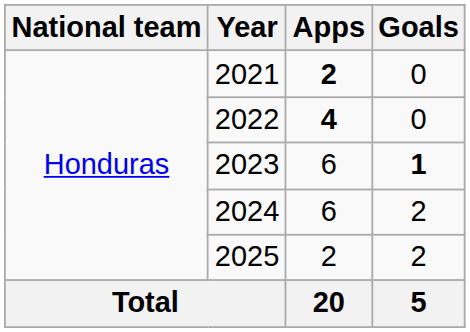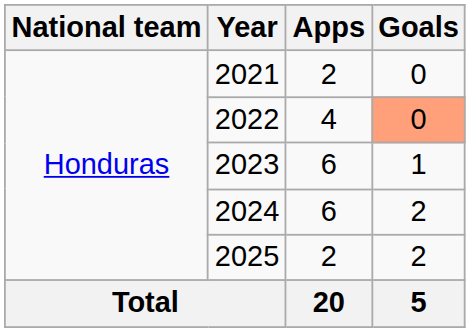 <table class=wikitable style="text-align:center">
 <tr>
 <th>National team</th>
 <th>Year</th>
 <th>Apps</th>
 <th>Goals</th>
 </tr>
 <tr>
 <td rowspan="5"><a href='#'>Honduras</a></td>
 <td>2021</td>
-<td><strong>2</strong></td>
+<td>2</td>
 <td>0</td>
 </tr>
 <tr>
 <td>2022</td>
-<td><strong>4</strong></td>
-<td>0</td>
+<td>4</td>
+<td style="background: lightsalmon;">0</td>
 </tr>
 <tr>
 <td>2023</td>
 <td>6</td>
-<td><strong>1</strong></td>
+<td>1</td>
 </tr>
 <tr>
 <td>2024</td>
 <td>6</td>
 <td>2</td>
 </tr>
 <tr>
 <td>2025</td>
 <td>2</td>
 <td>2</td>
 </tr>
 <tr>
 <th colspan="2">Total</th>
 <th>20</th>
 <th>5</th>
 </tr>
 </table>
